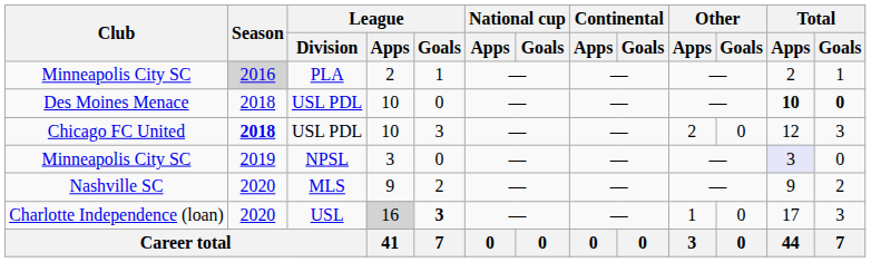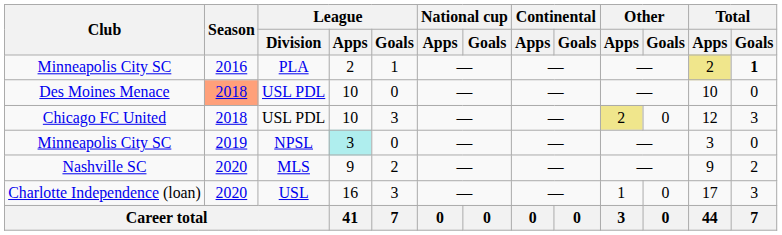 <table class="wikitable" style="text-align:center">
 <tr>
 <th rowspan="2">Club</th>
 <th rowspan="2">Season</th>
 <th colspan="3">League</th>
 <th colspan="2">National cup</th>
 <th colspan="2">Continental</th>
 <th colspan="2">Other</th>
 <th colspan="2">Total</th>
 </tr>
 <tr>
 <th>Division</th>
 <th>Apps</th>
 <th>Goals</th>
 <th>Apps</th>
 <th>Goals</th>
 <th>Apps</th>
 <th>Goals</th>
 <th>Apps</th>
 <th>Goals</th>
 <th>Apps</th>
 <th>Goals</th>
 </tr>
 <tr>
 <td><a href='#'>Minneapolis City SC</a></td>
-<td style="background: lightgrey;"><a href='#'>2016</a></td>
+<td><a href='#'>2016</a></td>
 <td><a href='#'>PLA</a></td>
 <td>2</td>
 <td>1</td>
 <td colspan="2">—</td>
 <td colspan="2">—</td>
 <td colspan="2">—</td>
-<td>2</td>
-<td>1</td>
+<td style="background: khaki;">2</td>
+<td><strong>1</strong></td>
 </tr>
 <tr>
 <td><a href='#'>Des Moines Menace</a></td>
-<td><a href='#'>2018</a></td>
+<td style="background: lightsalmon;"><a href='#'>2018</a></td>
 <td><a href='#'>USL PDL</a></td>
 <td>10</td>
 <td>0</td>
 <td colspan="2">—</td>
 <td colspan="2">—</td>
 <td colspan="2">—</td>
-<td><strong>10</strong></td>
-<td><strong>0</strong></td>
+<td>10</td>
+<td>0</td>
 </tr>
 <tr>
 <td><a href='#'>Chicago FC United</a></td>
-<td><strong><a href='#'>2018</a></strong></td>
+<td><a href='#'>2018</a></td>
 <td>USL PDL</td>
 <td>10</td>
 <td>3</td>
 <td colspan="2">—</td>
 <td colspan="2">—</td>
-<td>2</td>
+<td style="background: khaki;">2</td>
 <td>0</td>
 <td>12</td>
 <td>3</td>
 </tr>
 <tr>
 <td><a href='#'>Minneapolis City SC</a></td>
 <td><a href='#'>2019</a></td>
 <td><a href='#'>NPSL</a></td>
-<td>3</td>
+<td style="background: paleturquoise;">3</td>
 <td>0</td>
 <td colspan="2">—</td>
 <td colspan="2">—</td>
 <td colspan="2">—</td>
-<td style="background: lavender;">3</td>
+<td>3</td>
 <td>0</td>
 </tr>
 <tr>
 <td><a href='#'>Nashville SC</a></td>
 <td><a href='#'>2020</a></td>
 <td><a href='#'>MLS</a></td>
 <td>9</td>
 <td>2</td>
 <td colspan="2">—</td>
 <td colspan="2">—</td>
 <td colspan="2">—</td>
 <td>9</td>
 <td>2</td>
 </tr>
 <tr>
 <td><a href='#'>Charlotte Independence</a> (loan)</td>
 <td><a href='#'>2020</a></td>
 <td><a href='#'>USL</a></td>
-<td style="background: lightgrey;">16</td>
-<td><strong>3</strong></td>
+<td>16</td>
+<td>3</td>
 <td colspan="2">—</td>
 <td colspan="2">—</td>
 <td>1</td>
 <td>0</td>
 <td>17</td>
 <td>3</td>
 </tr>
 <tr>
 <th colspan="3">Career total</th>
 <th>41</th>
 <th>7</th>
 <th>0</th>
 <th>0</th>
 <th>0</th>
 <th>0</th>
 <th>3</th>
 <th>0</th>
 <th>44</th>
 <th>7</th>
 </tr>
 </table>
